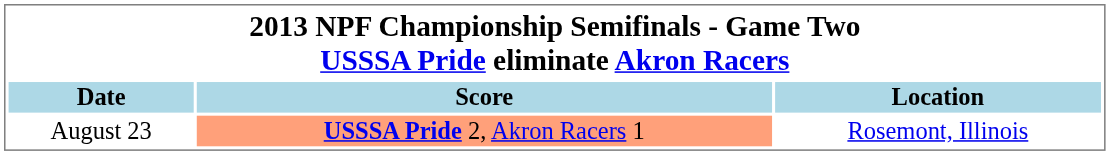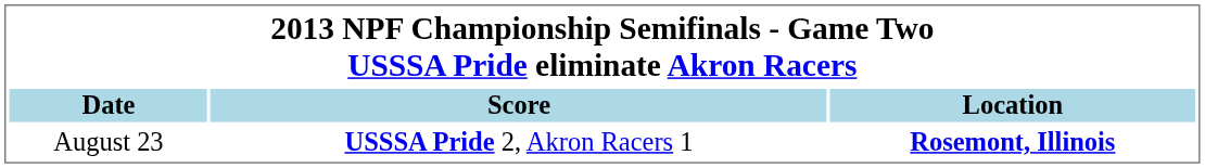 <table cellpadding="1"  style="min-width:45em;text-align:center;font-size:100%; border:1px solid gray;">
 <tr style="font-size:larger;">
 <th colspan=8>2013 NPF Championship Semifinals - Game Two<br><strong><a href='#'>USSSA Pride</a></strong> eliminate <a href='#'>Akron Racers</a></th>
 </tr>
 <tr style="background:lightblue;">
 <th>Date</th>
 <th>Score</th>
 <th>Location</th>
 </tr>
 <tr>
 <td>August 23</td>
-<td style="background: lightsalmon;"><strong><a href='#'>USSSA Pride</a></strong> 2, <a href='#'>Akron Racers</a> 1</td>
-<td><a href='#'>Rosemont, Illinois</a></td>
+<td><strong><a href='#'>USSSA Pride</a></strong> 2, <a href='#'>Akron Racers</a> 1</td>
+<td><strong><a href='#'>Rosemont, Illinois</a></strong></td>
 </tr>
 </table>
